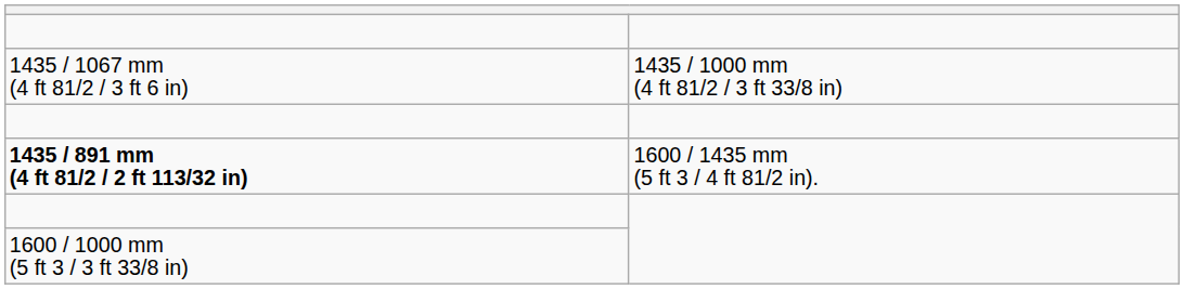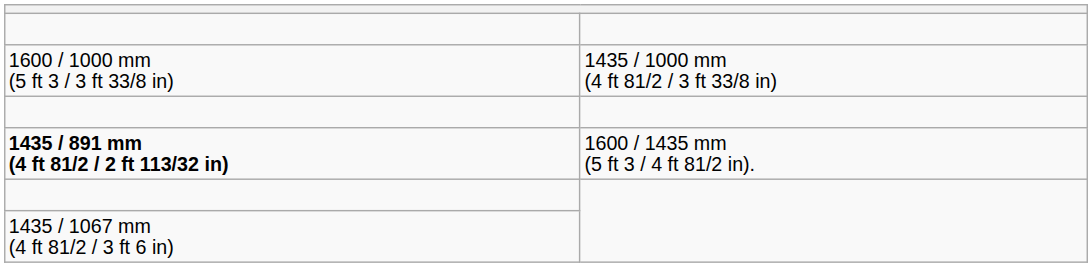 <table class="wikitable floatleft mw-collapsible mw-collapsed" border= "1" style= "width:60%; font-size: 86%; float:left; margin-left:2em; margin-right:2em; margin-bottom:2em">
 <tr>
 <th colspan="2"></th>
 </tr>
 <tr align="center">
 <td><br></td>
 <td><br></td>
 </tr>
 <tr align="left" vertical-align="top">
-<td style="vertical-align: top; width=100">1435 / 1067 mm<br>(4 ft 8<span>1</span>/<span>2</span> / 3 ft 6 in)<br></td>
+<td style="vertical-align: top; width=100">1600 / 1000 mm<br>(5 ft 3 / 3 ft 3<span>3</span>/<span>8</span> in)<br></td>
 <td style="vertical-align: top; width=100">1435 / 1000 mm<br>(4 ft 8<span>1</span>/<span>2</span> / 3 ft 3<span>3</span>/<span>8</span> in)<br></td>
 </tr>
 <tr align="center">
 <td><br> </td>
 <td><br></td>
 </tr>
 <tr align="left" vertical-align="top">
 <td style="vertical-align: top; width=100"><strong>1435 / 891 mm<br>(4 ft 8<span>1</span>/<span>2</span> / 2 ft 11<span>3</span>/<span>32</span> in)<br></strong></td>
 <td style="vertical-align: top; width=100">1600 / 1435 mm<br> (5 ft 3 / 4 ft 8<span>1</span>/<span>2</span> in).<br></td>
 </tr>
 <tr align="center">
 <td><br></td>
 </tr>
 <tr align="left" vertical-align="top">
-<td style="vertical-align: top; width=100">1600 / 1000 mm<br>(5 ft 3 / 3 ft 3<span>3</span>/<span>8</span> in)<br></td>
+<td style="vertical-align: top; width=100">1435 / 1067 mm<br>(4 ft 8<span>1</span>/<span>2</span> / 3 ft 6 in)<br></td>
 </tr>
 </table>
